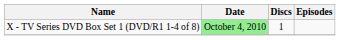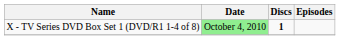 <table class="wikitable" style="text-align:center;">
 <tr>
 <th>Name</th>
 <th>Date</th>
 <th>Discs</th>
 <th>Episodes</th>
 </tr>
 <tr>
 <td>X - TV Series DVD Box Set 1 (DVD/R1 1-4 of 8)</td>
 <td style="background: lightgreen;">October 4, 2010</td>
-<td>1</td>
+<td><strong>1</strong></td>
 <td></td>
 </tr>
 <tr>
 </tr>
 </table>
